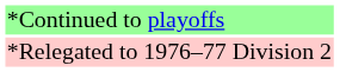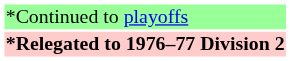 <table>
 <tr style="background: #99FF99;">
 <td>*Continued to <a href='#'>playoffs</a></td>
 </tr>
 <tr style="background: #FFCCCC;">
-<td>*Relegated to 1976–77 Division 2</td>
+<td><strong>*Relegated to 1976–77 Division 2</strong></td>
 </tr>
 </table>
